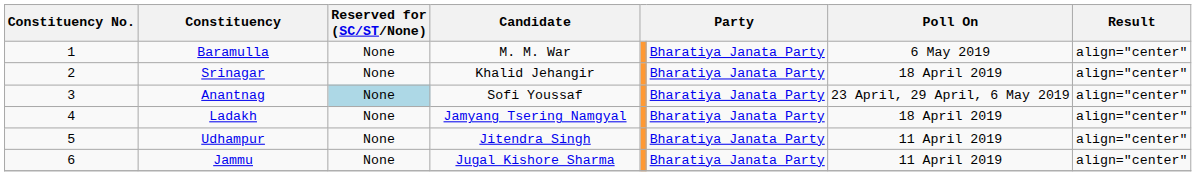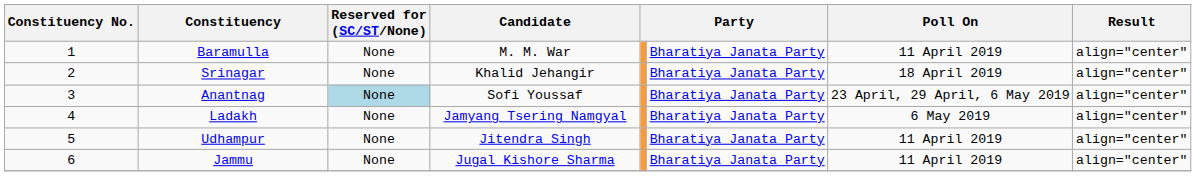 <table class="wikitable sortable" style="text-align:center;">
 <tr>
 <th>Constituency No.</th>
 <th style="width:180px;">Constituency</th>
 <th>Reserved for<br>(<a href='#'>SC/ST</a>/None)</th>
 <th style="width:200px;">Candidate</th>
 <th colspan="2">Party</th>
 <th>Poll On</th>
 <th>Result</th>
 </tr>
 <tr>
 <td align="center">1</td>
 <td><a href='#'>Baramulla</a></td>
 <td align="center">None</td>
 <td>M. M. War</td>
 <td bgcolor=#FF9933></td>
 <td><a href='#'>Bharatiya Janata Party</a></td>
-<td align="center">6 May 2019</td>
+<td align="center">11 April 2019</td>
 <td>align="center" </td>
 </tr>
 <tr>
 <td align="center">2</td>
 <td><a href='#'>Srinagar</a></td>
 <td align="center">None</td>
 <td>Khalid Jehangir</td>
 <td bgcolor=#FF9933></td>
 <td><a href='#'>Bharatiya Janata Party</a></td>
 <td align="center">18 April 2019</td>
 <td>align="center" </td>
 </tr>
 <tr>
 <td align="center">3</td>
 <td><a href='#'>Anantnag</a></td>
 <td align="center" style="background: lightblue;">None</td>
 <td>Sofi Youssaf</td>
 <td bgcolor=#FF9933></td>
 <td><a href='#'>Bharatiya Janata Party</a></td>
 <td align="center">23 April, 29 April, 6 May 2019</td>
 <td>align="center" </td>
 </tr>
 <tr>
 <td align="center">4</td>
 <td><a href='#'>Ladakh</a></td>
 <td align="center">None</td>
 <td><a href='#'>Jamyang Tsering Namgyal</a></td>
 <td bgcolor="#FF9933"></td>
 <td><a href='#'>Bharatiya Janata Party</a></td>
-<td align="center">18 April 2019</td>
+<td align="center">6 May 2019</td>
 <td>align="center" </td>
 </tr>
 <tr>
 <td align="center">5</td>
 <td><a href='#'>Udhampur</a></td>
 <td align="center">None</td>
 <td><a href='#'>Jitendra Singh</a></td>
 <td bgcolor=#FF9933></td>
 <td><a href='#'>Bharatiya Janata Party</a></td>
 <td align="center">11 April 2019</td>
 <td>align="center" </td>
 </tr>
 <tr>
 <td align="center">6</td>
 <td><a href='#'>Jammu</a></td>
 <td align="center">None</td>
 <td><a href='#'>Jugal Kishore Sharma</a></td>
 <td bgcolor=#FF9933></td>
 <td><a href='#'>Bharatiya Janata Party</a></td>
 <td align="center">11 April 2019</td>
 <td>align="center" </td>
 </tr>
 <tr>
 </tr>
 </table>
